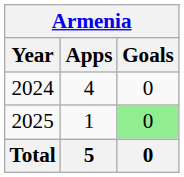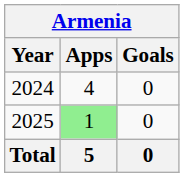 <table class="wikitable" style="text-align:center">
 <tr>
 <th colspan=4><a href='#'>Armenia</a></th>
 </tr>
 <tr>
 <th>Year</th>
 <th>Apps</th>
 <th>Goals</th>
 </tr>
 <tr>
 <td>2024</td>
 <td>4</td>
 <td>0</td>
 </tr>
 <tr>
 <td>2025</td>
-<td>1</td>
-<td style="background: lightgreen;">0</td>
+<td style="background: lightgreen;">1</td>
+<td>0</td>
 </tr>
 <tr>
 <th>Total</th>
 <th>5</th>
 <th>0</th>
 </tr>
 </table>
